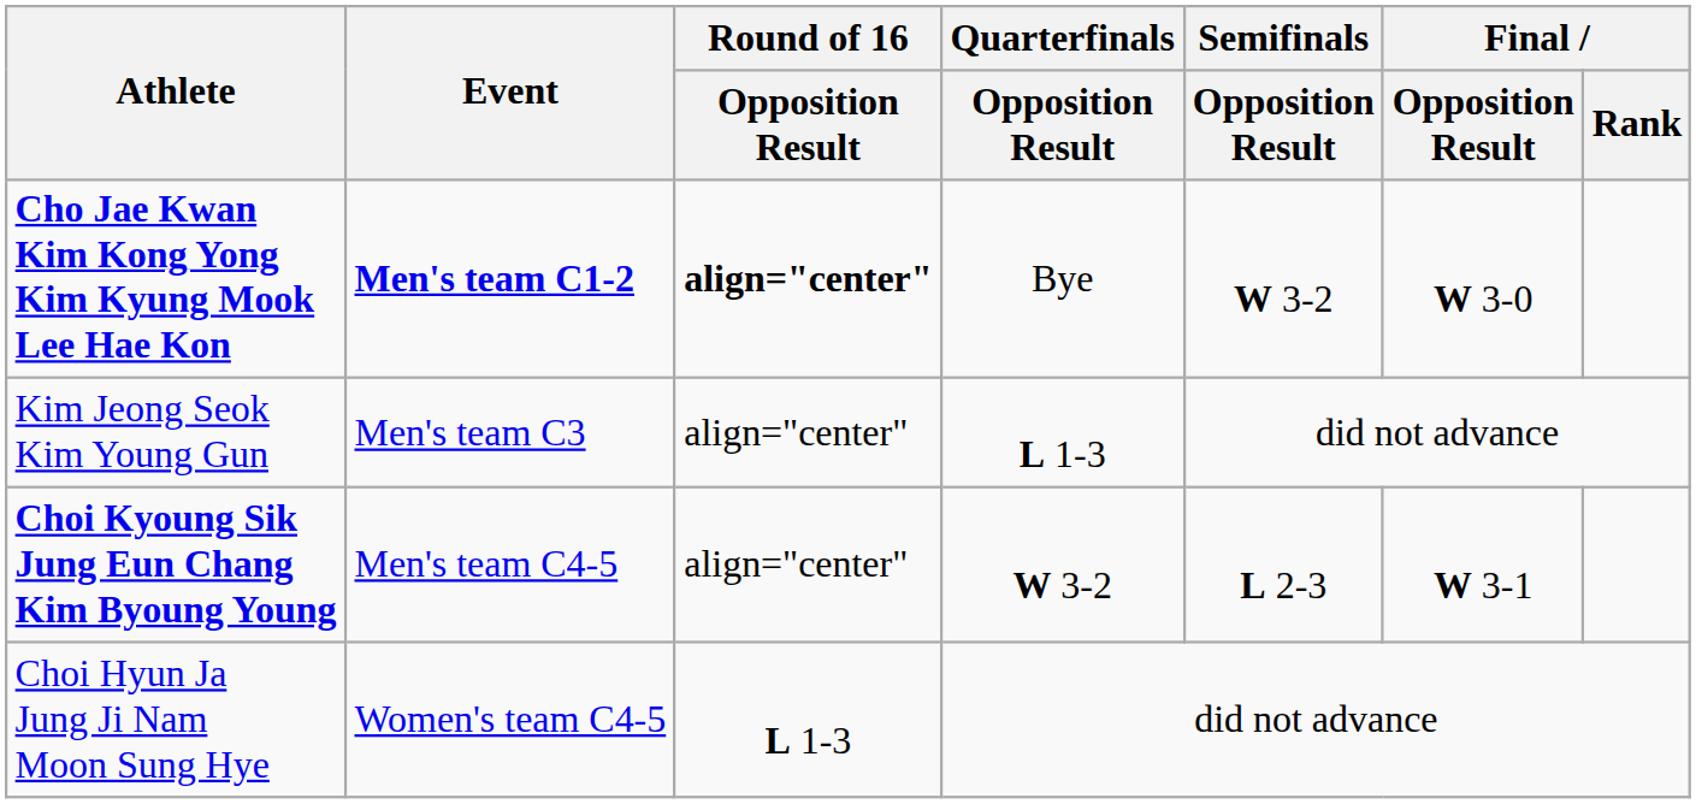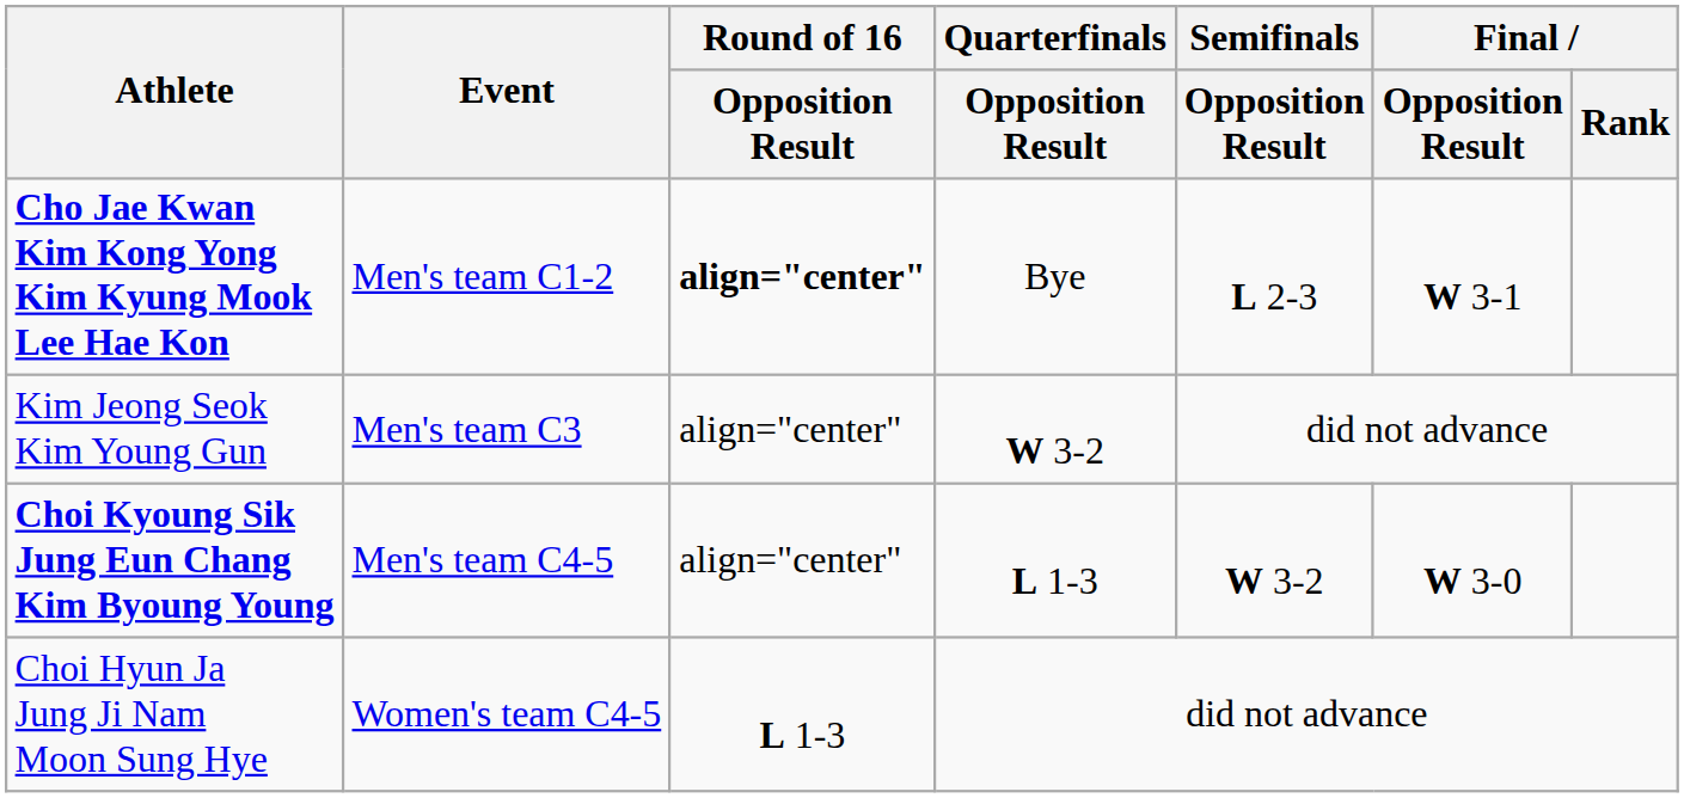 <table class=wikitable style="font-size:90%">
 <tr>
 <th rowspan="2">Athlete</th>
 <th rowspan="2">Event</th>
 <th>Round of 16</th>
 <th>Quarterfinals</th>
 <th>Semifinals</th>
 <th colspan="2">Final / </th>
 </tr>
 <tr>
 <th>Opposition<br>Result</th>
 <th>Opposition<br>Result</th>
 <th>Opposition<br>Result</th>
 <th>Opposition<br>Result</th>
 <th>Rank</th>
 </tr>
 <tr>
 <td><strong><a href='#'>Cho Jae Kwan</a></strong><br> <strong><a href='#'>Kim Kong Yong</a></strong><br> <strong><a href='#'>Kim Kyung Mook</a></strong><br> <strong><a href='#'>Lee Hae Kon</a></strong></td>
-<td><strong><a href='#'>Men's team C1-2</a></strong></td>
+<td><a href='#'>Men's team C1-2</a></td>
 <td><strong>align="center" </strong></td>
 <td align="center">Bye</td>
-<td align="center"><br><strong>W</strong> 3-2</td>
-<td align="center"><br><strong>W</strong> 3-0</td>
+<td align="center"><br><strong>L</strong> 2-3</td>
+<td align="center"><br><strong>W</strong> 3-1</td>
 <td align="center"></td>
 </tr>
 <tr>
 <td><a href='#'>Kim Jeong Seok</a><br> <a href='#'>Kim Young Gun</a></td>
 <td><a href='#'>Men's team C3</a></td>
 <td>align="center" </td>
-<td align="center"><br><strong>L</strong> 1-3</td>
+<td align="center"><br><strong>W</strong> 3-2</td>
 <td align="center" colspan="3">did not advance</td>
 </tr>
 <tr>
 <td><strong><a href='#'>Choi Kyoung Sik</a></strong><br> <strong><a href='#'>Jung Eun Chang</a></strong><br> <strong><a href='#'>Kim Byoung Young</a></strong></td>
 <td><a href='#'>Men's team C4-5</a></td>
 <td>align="center" </td>
+<td align="center"><br><strong>L</strong> 1-3</td>
 <td align="center"><br><strong>W</strong> 3-2</td>
-<td align="center"><br><strong>L</strong> 2-3</td>
-<td align="center"><br><strong>W</strong> 3-1</td>
+<td align="center"><br><strong>W</strong> 3-0</td>
 <td align="center"></td>
 </tr>
 <tr>
 <td><a href='#'>Choi Hyun Ja</a><br> <a href='#'>Jung Ji Nam</a><br> <a href='#'>Moon Sung Hye</a></td>
 <td><a href='#'>Women's team C4-5</a></td>
 <td align="center"><br><strong>L</strong> 1-3</td>
 <td align="center" colspan="4">did not advance</td>
 </tr>
 </table>
